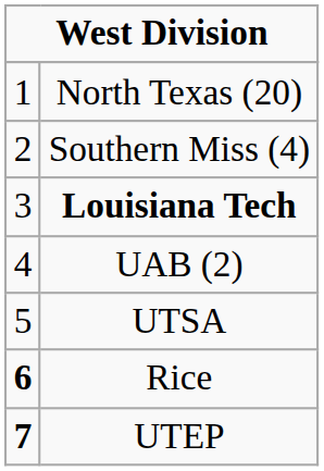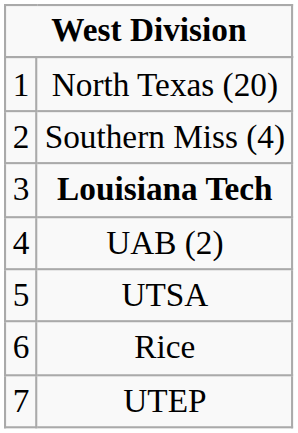 <table class="wikitable">
 <tr align="center">
 <td align="center" Colspan="2"><strong>West Division</strong></td>
 </tr>
 <tr align="center">
 </tr>
 <tr align="center">
 <td>1</td>
 <td>North Texas (20)</td>
 </tr>
 <tr align="center">
 <td>2</td>
 <td>Southern Miss (4)</td>
 </tr>
 <tr align="center">
 <td>3</td>
 <td><strong>Louisiana Tech</strong></td>
 </tr>
 <tr align="center">
 <td>4</td>
 <td>UAB (2)</td>
 </tr>
 <tr align="center">
 <td>5</td>
 <td>UTSA</td>
 </tr>
 <tr align="center">
-<td><strong>6</strong></td>
+<td>6</td>
 <td>Rice</td>
 </tr>
 <tr align="center">
-<td><strong>7</strong></td>
+<td>7</td>
 <td>UTEP</td>
 </tr>
 </table>
